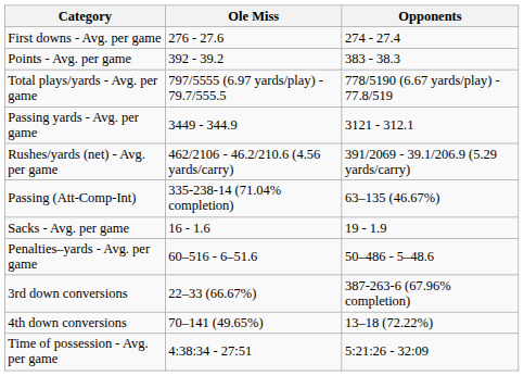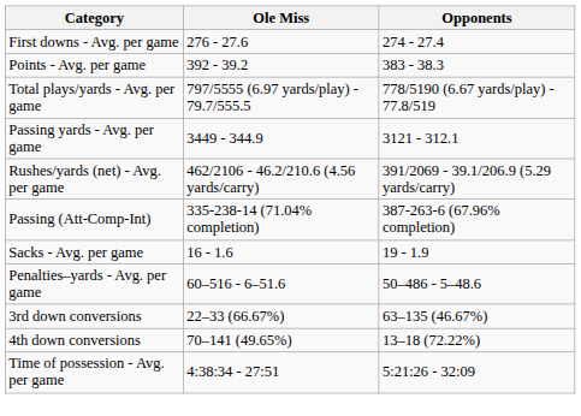 <table class="wikitable" style="float: left;">
 <tr>
 <th>Category</th>
 <th>Ole Miss</th>
 <th>Opponents</th>
 </tr>
 <tr>
 <td>First downs - Avg. per game</td>
 <td>276 - 27.6</td>
 <td>274 - 27.4</td>
 </tr>
 <tr>
 <td>Points - Avg. per game</td>
 <td>392 - 39.2</td>
 <td>383 - 38.3</td>
 </tr>
 <tr>
 <td>Total plays/yards - Avg. per game</td>
 <td>797/5555 (6.97 yards/play) - 79.7/555.5</td>
 <td>778/5190 (6.67 yards/play) - 77.8/519</td>
 </tr>
 <tr>
 <td>Passing yards - Avg. per game</td>
 <td>3449 - 344.9</td>
 <td>3121 - 312.1</td>
 </tr>
 <tr>
 <td>Rushes/yards (net) - Avg. per game</td>
 <td>462/2106 - 46.2/210.6 (4.56 yards/carry)</td>
 <td>391/2069 - 39.1/206.9 (5.29 yards/carry)</td>
 </tr>
 <tr>
 <td>Passing (Att-Comp-Int)</td>
 <td>335-238-14 (71.04% completion)</td>
-<td>63–135 (46.67%)</td>
+<td>387-263-6 (67.96% completion)</td>
 </tr>
 <tr>
 <td>Sacks - Avg. per game</td>
 <td>16 - 1.6</td>
 <td>19 - 1.9</td>
 </tr>
 <tr>
 <td>Penalties–yards - Avg. per game</td>
 <td>60–516 - 6–51.6</td>
 <td>50–486 - 5–48.6</td>
 </tr>
 <tr>
 <td>3rd down conversions</td>
 <td>22–33 (66.67%)</td>
-<td>387-263-6 (67.96% completion)</td>
+<td>63–135 (46.67%)</td>
 </tr>
 <tr>
 <td>4th down conversions</td>
 <td>70–141 (49.65%)</td>
 <td>13–18 (72.22%)</td>
 </tr>
 <tr>
 <td>Time of possession - Avg. per game</td>
 <td>4:38:34 - 27:51</td>
 <td>5:21:26 - 32:09</td>
 </tr>
 </table>
